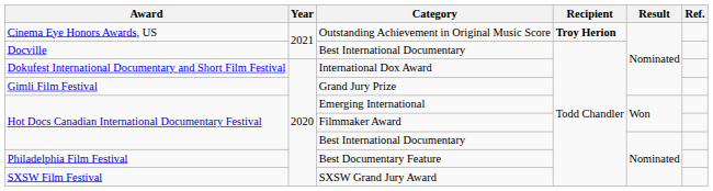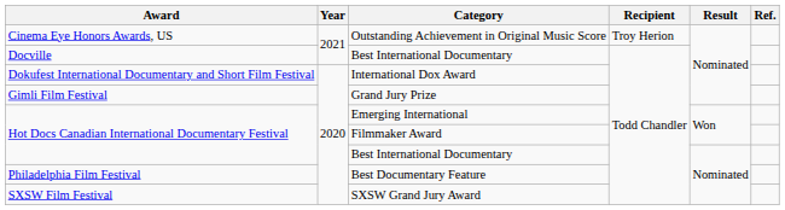 <table class="wikitable">
 <tr>
 <th>Award</th>
 <th>Year</th>
 <th>Category</th>
 <th>Recipient</th>
 <th>Result</th>
 <th>Ref.</th>
 </tr>
 <tr>
 <td><a href='#'>Cinema Eye Honors Awards</a>, US</td>
 <td rowspan="2">2021</td>
 <td>Outstanding Achievement in Original Music Score</td>
-<td><strong>Troy Herion</strong></td>
+<td>Troy Herion</td>
 <td rowspan="4">Nominated</td>
 <td></td>
 </tr>
 <tr>
 <td><a href='#'>Docville</a></td>
 <td>Best International Documentary</td>
 <td rowspan="9">Todd Chandler</td>
 <td></td>
 </tr>
 <tr>
 <td><a href='#'>Dokufest International Documentary and Short Film Festival</a></td>
 <td rowspan="7">2020</td>
 <td>International Dox Award</td>
 <td></td>
 </tr>
 <tr>
 <td><a href='#'>Gimli Film Festival</a></td>
 <td>Grand Jury Prize</td>
 <td></td>
 </tr>
 <tr>
 <td rowspan="3"><a href='#'>Hot Docs Canadian International Documentary Festival</a></td>
 <td>Emerging International</td>
 <td rowspan="2">Won</td>
 <td></td>
 </tr>
 <tr>
 <td>Filmmaker Award</td>
 <td></td>
 </tr>
 <tr>
 <td>Best International Documentary</td>
 <td rowspan="3">Nominated</td>
 <td></td>
 </tr>
 <tr>
 <td><a href='#'>Philadelphia Film Festival</a></td>
 <td>Best Documentary Feature</td>
 <td></td>
 </tr>
 <tr>
 <td><a href='#'>SXSW Film Festival</a></td>
 <td>SXSW Grand Jury Award</td>
 <td></td>
 </tr>
 </table>
